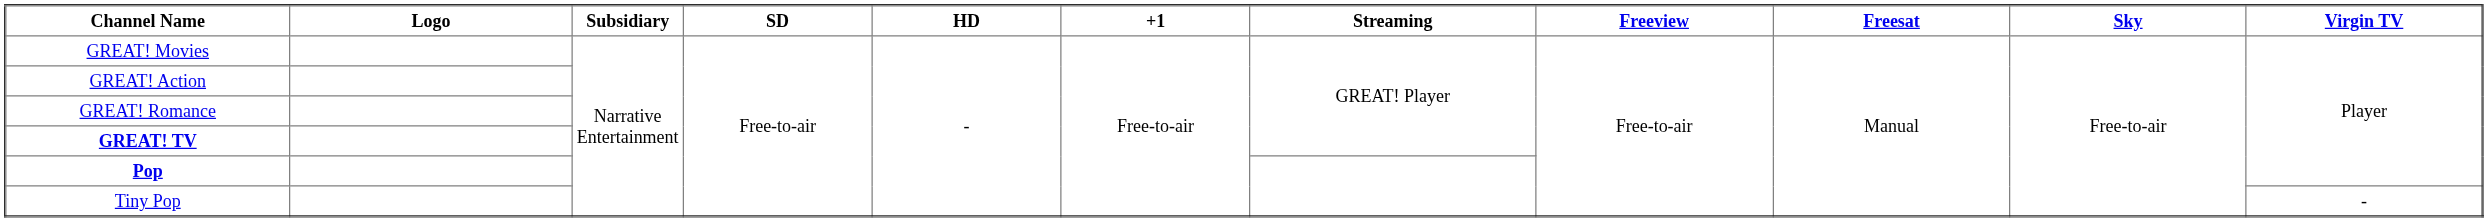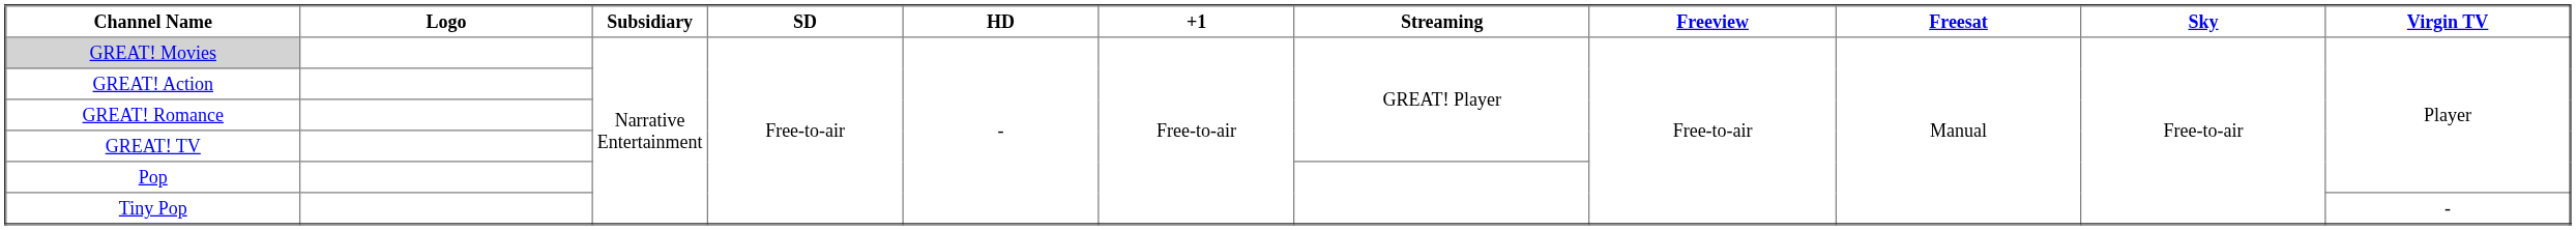 <table class="toccolours " border="2" cellpadding="3" style="border-collapse:collapse; font-size:90%; text-align:center; width:100%;">
 <tr>
 <th style="width:12%;">Channel Name</th>
 <th style="width:12%;">Logo</th>
 <th>Subsidiary</th>
 <th style="width:8%;">SD</th>
 <th style="width:8%;">HD</th>
 <th style="width:8%;">+1</th>
 <th style="width:12%;">Streaming</th>
 <th style="width:10%;"><a href='#'>Freeview</a></th>
 <th style="width:10%;"><a href='#'>Freesat</a></th>
 <th style="width:10%;"><a href='#'>Sky</a></th>
 <th style="width:10%;"><a href='#'>Virgin TV</a></th>
 </tr>
 <tr>
-<td><a href='#'>GREAT! Movies</a></td>
+<td style="background: lightgrey;"><a href='#'>GREAT! Movies</a></td>
 <td></td>
 <td rowspan="6">Narrative Entertainment</td>
 <td rowspan="6">Free-to-air</td>
 <td rowspan="6">-</td>
 <td rowspan="6">Free-to-air</td>
 <td rowspan="4">GREAT! Player</td>
 <td rowspan="6">Free-to-air</td>
 <td rowspan="6">Manual</td>
 <td rowspan="6">Free-to-air</td>
 <td rowspan="5">Player</td>
 </tr>
 <tr>
 <td><a href='#'>GREAT! Action</a></td>
 <td></td>
 </tr>
 <tr>
 <td><a href='#'>GREAT! Romance</a></td>
 <td></td>
 </tr>
 <tr>
-<td><strong><a href='#'>GREAT! TV</a></strong></td>
+<td><a href='#'>GREAT! TV</a></td>
 <td></td>
 </tr>
 <tr>
-<td><strong><a href='#'>Pop</a></strong></td>
+<td><a href='#'>Pop</a></td>
 <td></td>
 <td rowspan="2"></td>
 </tr>
 <tr>
 <td><a href='#'>Tiny Pop</a></td>
 <td></td>
 <td>-</td>
 </tr>
 </table>
